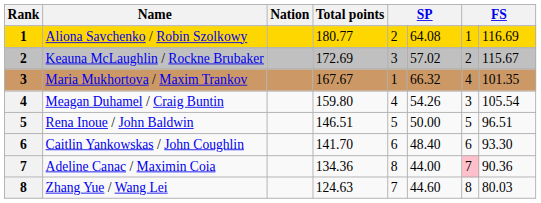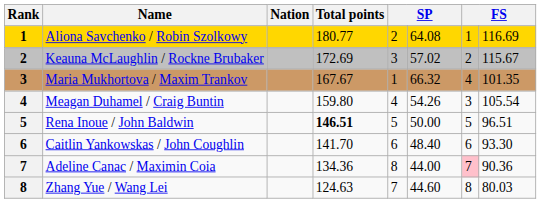 <table class="wikitable">
 <tr>
 <th>Rank</th>
 <th>Name</th>
 <th>Nation</th>
 <th>Total points</th>
 <th colspan="2" width="80px"><a href='#'>SP</a></th>
 <th colspan="2" width="80px"><a href='#'>FS</a></th>
 </tr>
 <tr bgcolor="gold">
 <td align="center"><strong>1</strong></td>
 <td><a href='#'>Aliona Savchenko</a> / <a href='#'>Robin Szolkowy</a></td>
 <td></td>
 <td>180.77</td>
 <td>2</td>
 <td>64.08</td>
 <td>1</td>
 <td>116.69</td>
 </tr>
 <tr bgcolor="silver">
 <td align="center"><strong>2</strong></td>
 <td><a href='#'>Keauna McLaughlin</a> / <a href='#'>Rockne Brubaker</a></td>
 <td></td>
 <td>172.69</td>
 <td>3</td>
 <td>57.02</td>
 <td>2</td>
 <td>115.67</td>
 </tr>
 <tr bgcolor="cc9966">
 <td align="center"><strong>3</strong></td>
 <td><a href='#'>Maria Mukhortova</a> / <a href='#'>Maxim Trankov</a></td>
 <td></td>
 <td>167.67</td>
 <td>1</td>
 <td>66.32</td>
 <td>4</td>
 <td>101.35</td>
 </tr>
 <tr>
 <th>4</th>
 <td><a href='#'>Meagan Duhamel</a> / <a href='#'>Craig Buntin</a></td>
 <td></td>
 <td>159.80</td>
 <td>4</td>
 <td>54.26</td>
 <td>3</td>
 <td>105.54</td>
 </tr>
 <tr>
 <th>5</th>
 <td><a href='#'>Rena Inoue</a> / <a href='#'>John Baldwin</a></td>
 <td></td>
-<td>146.51</td>
+<td><strong>146.51</strong></td>
 <td>5</td>
 <td>50.00</td>
 <td>5</td>
 <td>96.51</td>
 </tr>
 <tr>
 <th>6</th>
 <td><a href='#'>Caitlin Yankowskas</a> / <a href='#'>John Coughlin</a></td>
 <td></td>
 <td>141.70</td>
 <td>6</td>
 <td>48.40</td>
 <td>6</td>
 <td>93.30</td>
 </tr>
 <tr>
 <th>7</th>
 <td><a href='#'>Adeline Canac</a> / <a href='#'>Maximin Coia</a></td>
 <td></td>
 <td>134.36</td>
 <td>8</td>
 <td>44.00</td>
 <td style="background: pink;">7</td>
 <td>90.36</td>
 </tr>
 <tr>
 <th>8</th>
 <td><a href='#'>Zhang Yue</a> / <a href='#'>Wang Lei</a></td>
 <td></td>
 <td>124.63</td>
 <td>7</td>
 <td>44.60</td>
 <td>8</td>
 <td>80.03</td>
 </tr>
 </table>
